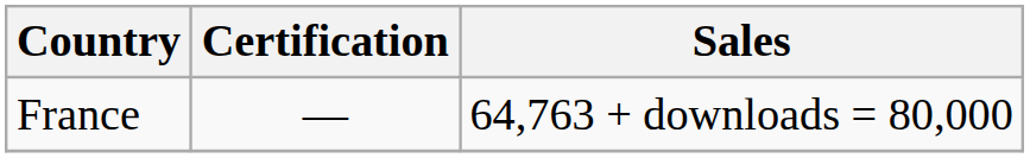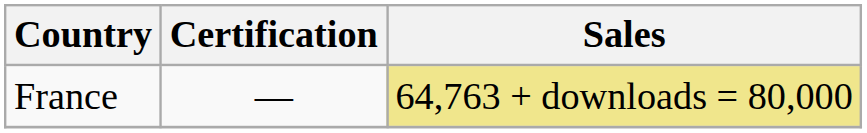 <table class="wikitable">
 <tr>
 <th>Country</th>
 <th>Certification</th>
 <th>Sales</th>
 </tr>
 <tr>
 <td>France</td>
 <td align="center">—</td>
-<td align="center">64,763 + downloads = 80,000</td>
+<td align="center" style="background: khaki;">64,763 + downloads = 80,000</td>
 </tr>
 <tr>
 </tr>
 </table>
